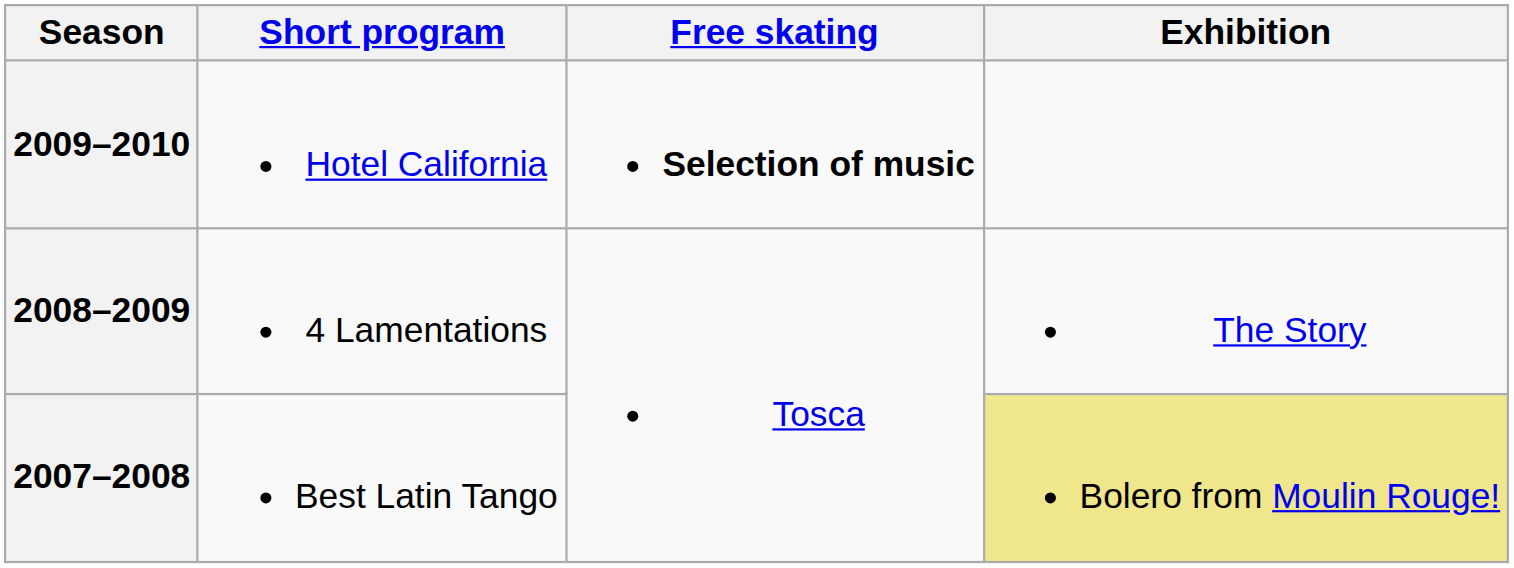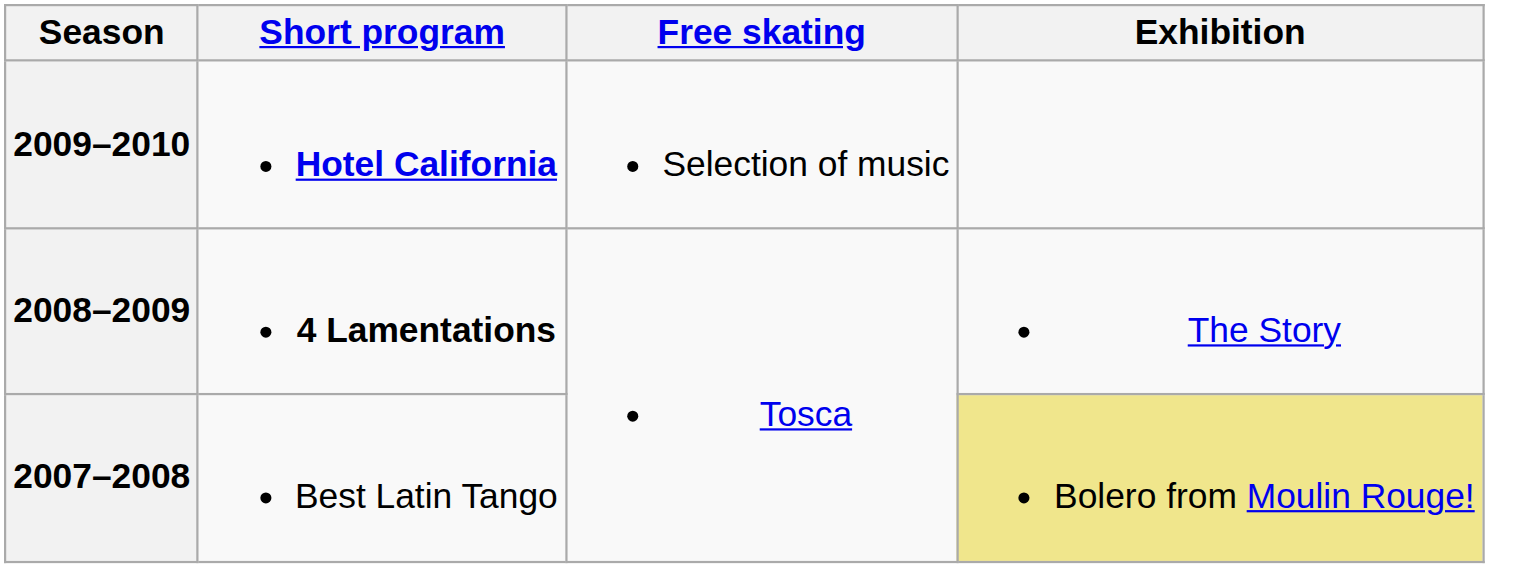 <table class="wikitable" style="text-align:center">
 <tr>
 <th>Season</th>
 <th><a href='#'>Short program</a></th>
 <th><a href='#'>Free skating</a></th>
 <th>Exhibition</th>
 </tr>
 <tr>
 <th>2009–2010 <br> </th>
-<td><br><ul><li><a href='#'>Hotel California</a> <br></li></ul></td>
-<td><strong><br><ul><li>Selection of music <br></li></ul></strong></td>
+<td><strong><br><ul><li><a href='#'>Hotel California</a> <br></li></ul></strong></td>
+<td><br><ul><li>Selection of music <br></li></ul></td>
 <td></td>
 </tr>
 <tr>
 <th>2008–2009 <br> </th>
-<td><br><ul><li>4 Lamentations</li></ul></td>
+<td><strong><br><ul><li>4 Lamentations</li></ul></strong></td>
 <td rowspan=2><br><ul><li><a href='#'>Tosca</a> <br></li></ul></td>
 <td><br><ul><li><a href='#'>The Story</a> <br></li></ul></td>
 </tr>
 <tr>
 <th>2007–2008 <br> </th>
 <td><br><ul><li>Best Latin Tango <br></li></ul></td>
 <td style="background: khaki;"><br><ul><li>Bolero from <a href='#'>Moulin Rouge!</a></li></ul></td>
 </tr>
 </table>
